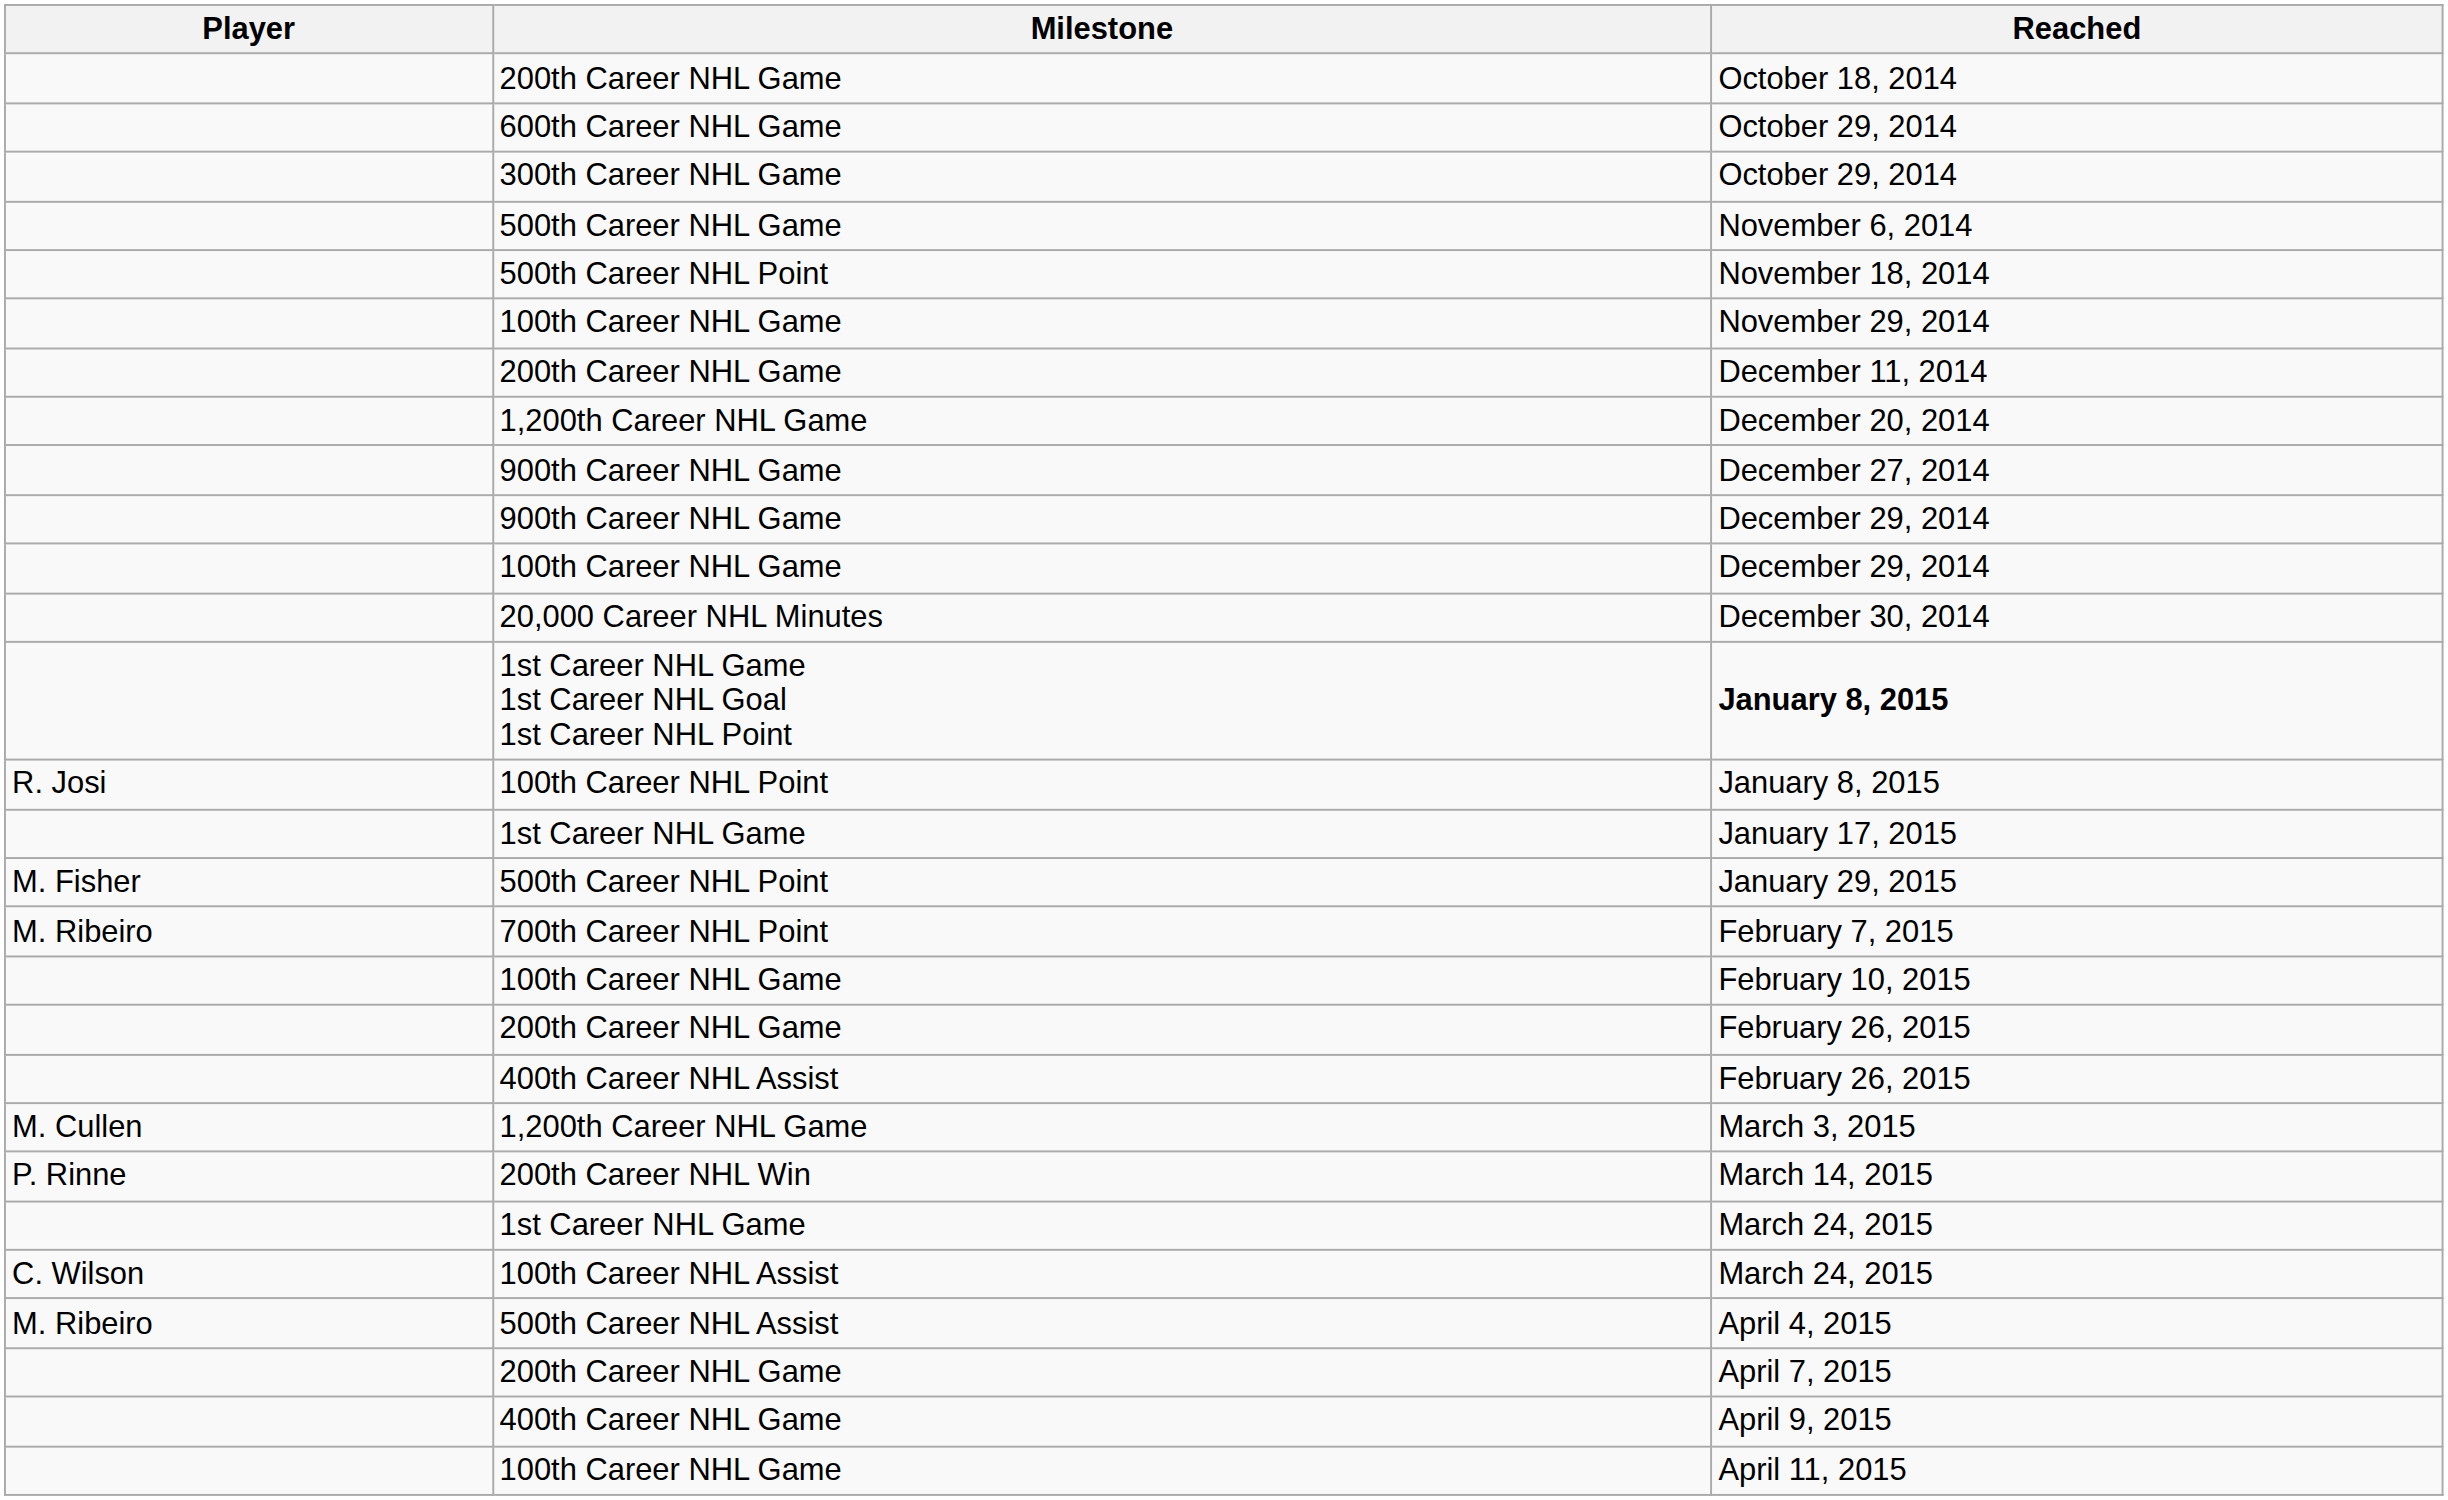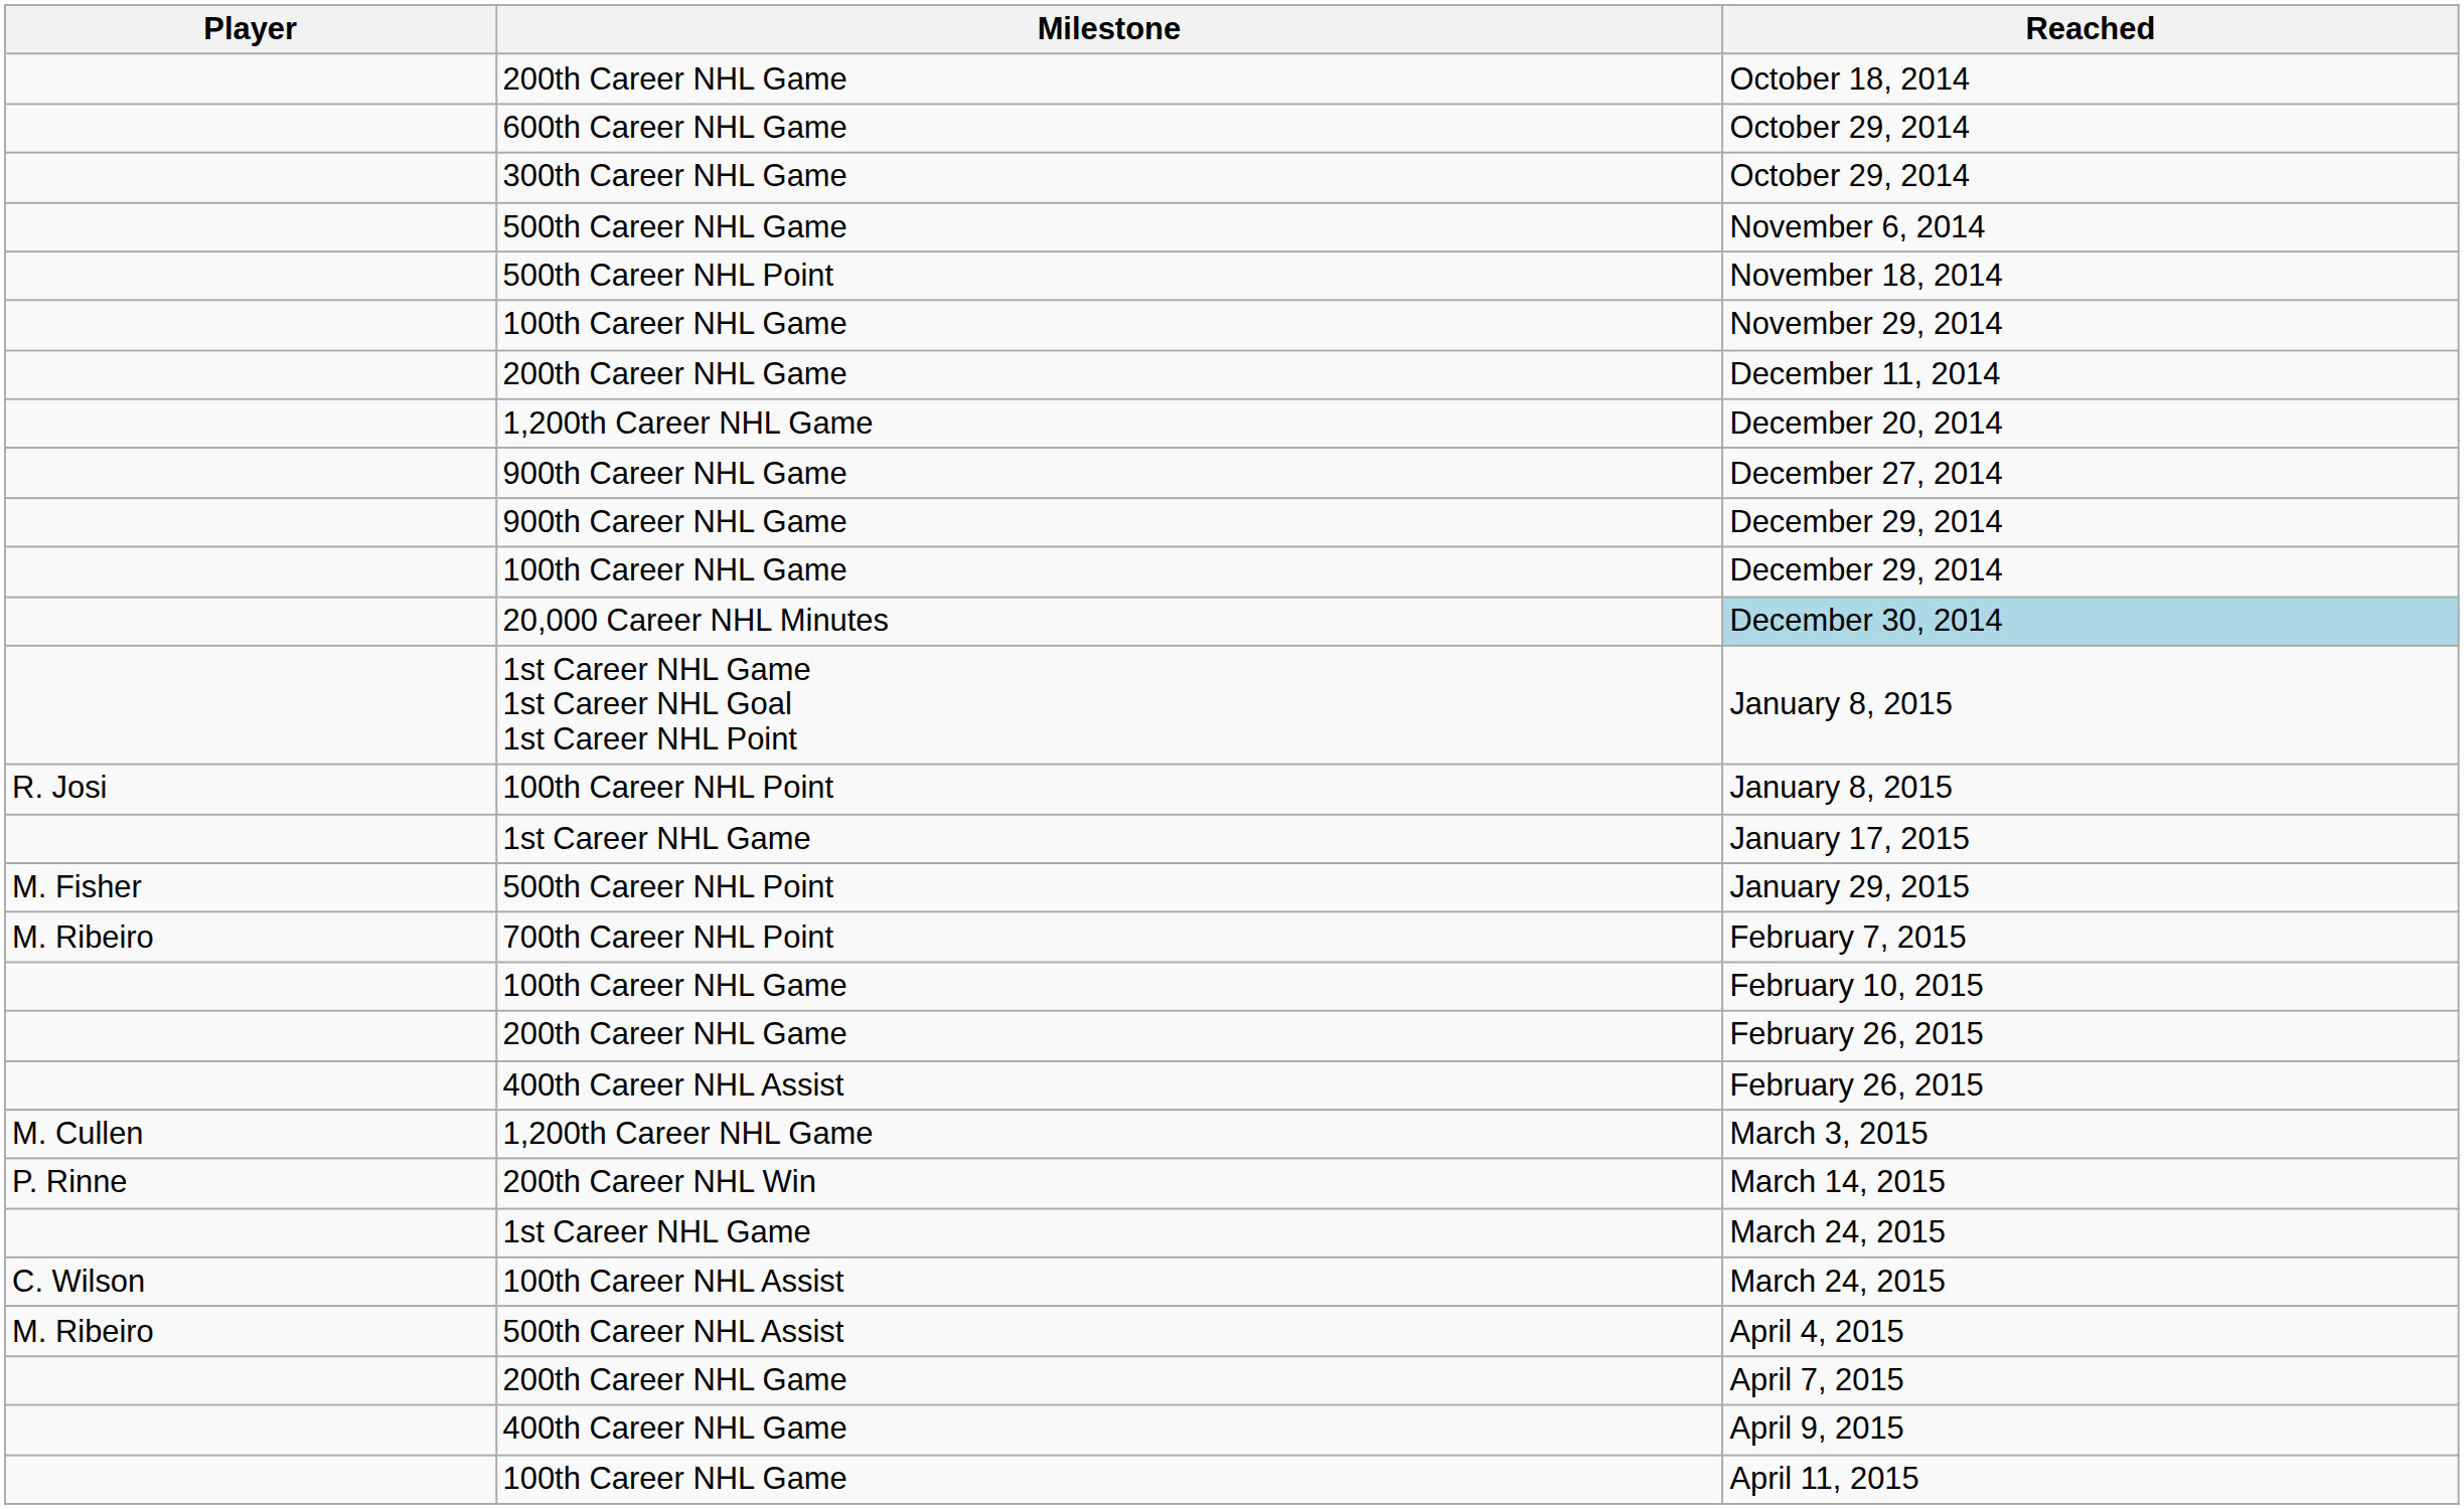 <table class="wikitable sortable" style="width:100%;">
 <tr align=center>
 <th style="width:20%;">Player</th>
 <th style="width:50%;">Milestone</th>
 <th style="width:30%;" data-sort-type="date">Reached</th>
 </tr>
 <tr>
 <td></td>
 <td>200th Career NHL Game</td>
 <td>October 18, 2014</td>
 </tr>
 <tr>
 <td></td>
 <td>600th Career NHL Game</td>
 <td>October 29, 2014</td>
 </tr>
 <tr>
 <td></td>
 <td>300th Career NHL Game</td>
 <td>October 29, 2014</td>
 </tr>
 <tr>
 <td></td>
 <td>500th Career NHL Game</td>
 <td>November 6, 2014</td>
 </tr>
 <tr>
 <td></td>
 <td>500th Career NHL Point</td>
 <td>November 18, 2014</td>
 </tr>
 <tr>
 <td></td>
 <td>100th Career NHL Game</td>
 <td>November 29, 2014</td>
 </tr>
 <tr>
 <td></td>
 <td>200th Career NHL Game</td>
 <td>December 11, 2014</td>
 </tr>
 <tr>
 <td></td>
 <td>1,200th Career NHL Game</td>
 <td>December 20, 2014</td>
 </tr>
 <tr>
 <td></td>
 <td>900th Career NHL Game</td>
 <td>December 27, 2014</td>
 </tr>
 <tr>
 <td></td>
 <td>900th Career NHL Game</td>
 <td>December 29, 2014</td>
 </tr>
 <tr>
 <td></td>
 <td>100th Career NHL Game</td>
 <td>December 29, 2014</td>
 </tr>
 <tr>
 <td></td>
 <td>20,000 Career NHL Minutes</td>
-<td>December 30, 2014</td>
+<td style="background: lightblue;">December 30, 2014</td>
 </tr>
 <tr>
 <td></td>
 <td>1st Career NHL Game<br>1st Career NHL Goal<br>1st Career NHL Point</td>
-<td><strong>January 8, 2015</strong></td>
+<td>January 8, 2015</td>
 </tr>
 <tr>
 <td>R. Josi</td>
 <td>100th Career NHL Point</td>
 <td>January 8, 2015</td>
 </tr>
 <tr>
 <td></td>
 <td>1st Career NHL Game</td>
 <td>January 17, 2015</td>
 </tr>
 <tr>
 <td>M. Fisher</td>
 <td>500th Career NHL Point</td>
 <td>January 29, 2015</td>
 </tr>
 <tr>
 <td>M. Ribeiro</td>
 <td>700th Career NHL Point</td>
 <td>February 7, 2015</td>
 </tr>
 <tr>
 <td></td>
 <td>100th Career NHL Game</td>
 <td>February 10, 2015</td>
 </tr>
 <tr>
 <td></td>
 <td>200th Career NHL Game</td>
 <td>February 26, 2015</td>
 </tr>
 <tr>
 <td></td>
 <td>400th Career NHL Assist</td>
 <td>February 26, 2015</td>
 </tr>
 <tr>
 <td>M. Cullen</td>
 <td>1,200th Career NHL Game</td>
 <td>March 3, 2015</td>
 </tr>
 <tr>
 <td>P. Rinne</td>
 <td>200th Career NHL Win</td>
 <td>March 14, 2015</td>
 </tr>
 <tr>
 <td></td>
 <td>1st Career NHL Game</td>
 <td>March 24, 2015</td>
 </tr>
 <tr>
 <td>C. Wilson</td>
 <td>100th Career NHL Assist</td>
 <td>March 24, 2015</td>
 </tr>
 <tr>
 <td>M. Ribeiro</td>
 <td>500th Career NHL Assist</td>
 <td>April 4, 2015</td>
 </tr>
 <tr>
 <td></td>
 <td>200th Career NHL Game</td>
 <td>April 7, 2015</td>
 </tr>
 <tr>
 <td></td>
 <td>400th Career NHL Game</td>
 <td>April 9, 2015</td>
 </tr>
 <tr>
 <td></td>
 <td>100th Career NHL Game</td>
 <td>April 11, 2015</td>
 </tr>
 </table>
